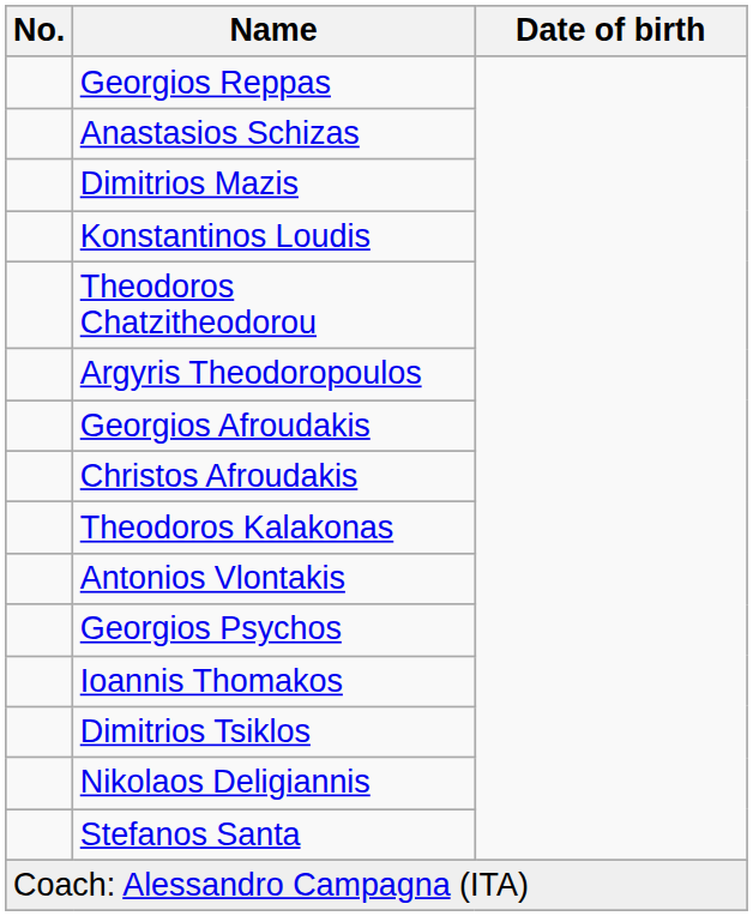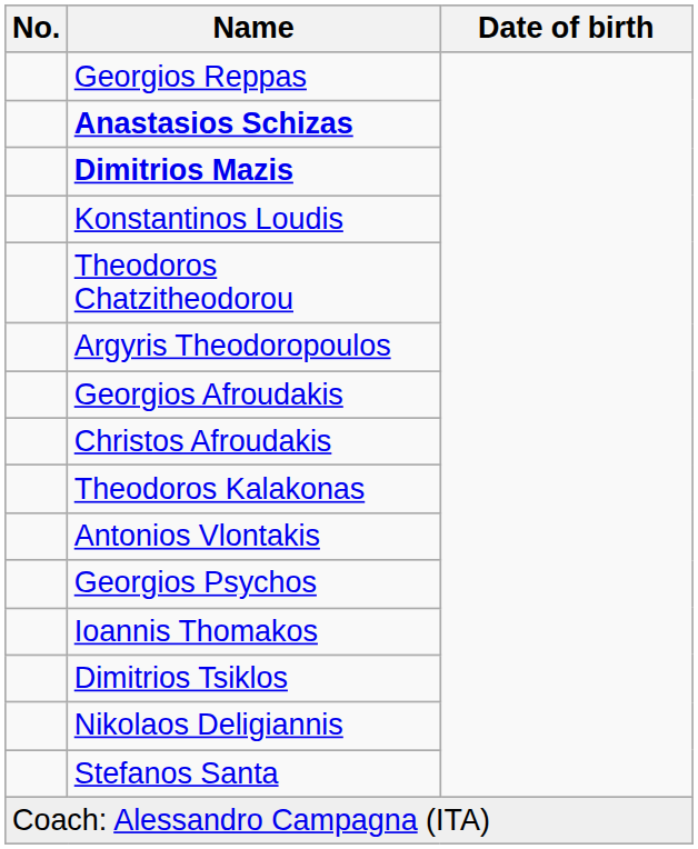 <table class=wikitable sortable style=font-size:100%; text-align:center;>
 <tr>
 <th>No.</th>
 <th style=width:12em>Name</th>
 <th style=width:8em>Date of birth</th>
 </tr>
 <tr>
 <td></td>
 <td align=left><a href='#'>Georgios Reppas</a></td>
 </tr>
 <tr>
 <td></td>
-<td align=left><a href='#'>Anastasios Schizas</a></td>
+<td align=left><strong><a href='#'>Anastasios Schizas</a></strong></td>
 </tr>
 <tr>
 <td></td>
-<td align=left><a href='#'>Dimitrios Mazis</a></td>
+<td align=left><strong><a href='#'>Dimitrios Mazis</a></strong></td>
 </tr>
 <tr>
 <td></td>
 <td align=left><a href='#'>Konstantinos Loudis</a></td>
 </tr>
 <tr>
 <td></td>
 <td align=left><a href='#'>Theodoros Chatzitheodorou</a></td>
 </tr>
 <tr>
 <td></td>
 <td align=left><a href='#'>Argyris Theodoropoulos</a></td>
 </tr>
 <tr>
 <td></td>
 <td align=left><a href='#'>Georgios Afroudakis</a></td>
 </tr>
 <tr>
 <td></td>
 <td align=left><a href='#'>Christos Afroudakis</a></td>
 </tr>
 <tr>
 <td></td>
 <td align=left><a href='#'>Theodoros Kalakonas</a></td>
 </tr>
 <tr>
 <td></td>
 <td align=left><a href='#'>Antonios Vlontakis</a></td>
 </tr>
 <tr>
 <td></td>
 <td align=left><a href='#'>Georgios Psychos</a></td>
 </tr>
 <tr>
 <td></td>
 <td align=left><a href='#'>Ioannis Thomakos</a></td>
 </tr>
 <tr>
 <td></td>
 <td align=left><a href='#'>Dimitrios Tsiklos</a></td>
 </tr>
 <tr>
 <td></td>
 <td align=left><a href='#'>Nikolaos Deligiannis</a></td>
 </tr>
 <tr>
 <td></td>
 <td align=left><a href='#'>Stefanos Santa</a></td>
 </tr>
 <tr style=background:#efefef;>
 <td colspan=3 style=text-align:left;>Coach: <a href='#'>Alessandro Campagna</a> (ITA)</td>
 </tr>
 </table>
